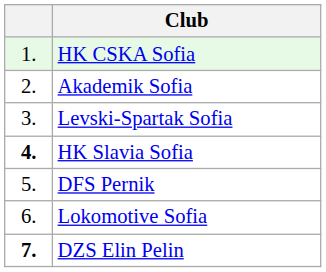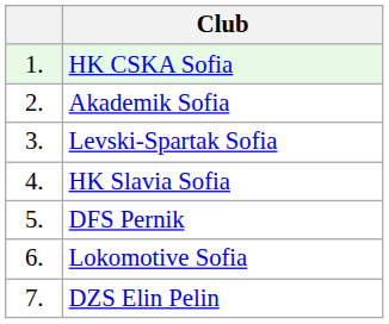 <table class="wikitable">
 <tr>
 <th width="30"></th>
 <th width="200">Club</th>
 </tr>
 <tr bgcolor="#e6fae6" align="center">
 <td>1.</td>
 <td align="left"><a href='#'>HK CSKA Sofia</a></td>
 </tr>
 <tr bgcolor="#FFFFFF" align="center">
 <td>2.</td>
 <td align="left"><a href='#'>Akademik Sofia</a></td>
 </tr>
 <tr bgcolor="#FFFFFF" align="center">
 <td>3.</td>
 <td align="left"><a href='#'>Levski-Spartak Sofia</a></td>
 </tr>
 <tr bgcolor="#FFFFFF" align="center">
-<td><strong>4.</strong></td>
+<td>4.</td>
 <td align="left"><a href='#'>HK Slavia Sofia</a></td>
 </tr>
 <tr bgcolor="#FFFFFF" align="center">
 <td>5.</td>
 <td align="left"><a href='#'>DFS Pernik</a></td>
 </tr>
 <tr bgcolor="#FFFFFF" align="center">
 <td>6.</td>
 <td align="left"><a href='#'>Lokomotive Sofia</a></td>
 </tr>
 <tr bgcolor="#FFFFFF" align="center">
-<td><strong>7.</strong></td>
+<td>7.</td>
 <td align="left"><a href='#'>DZS Elin Pelin</a></td>
 </tr>
 </table>
